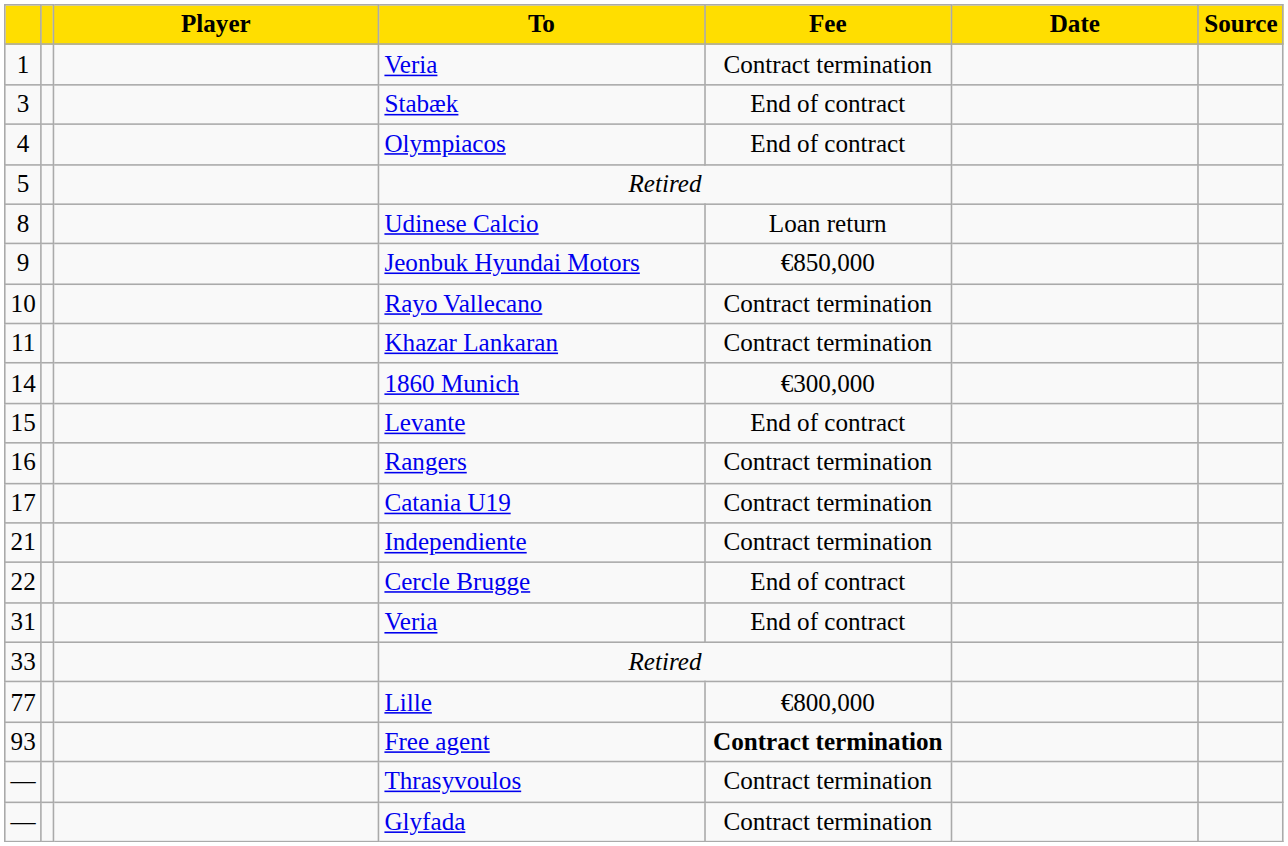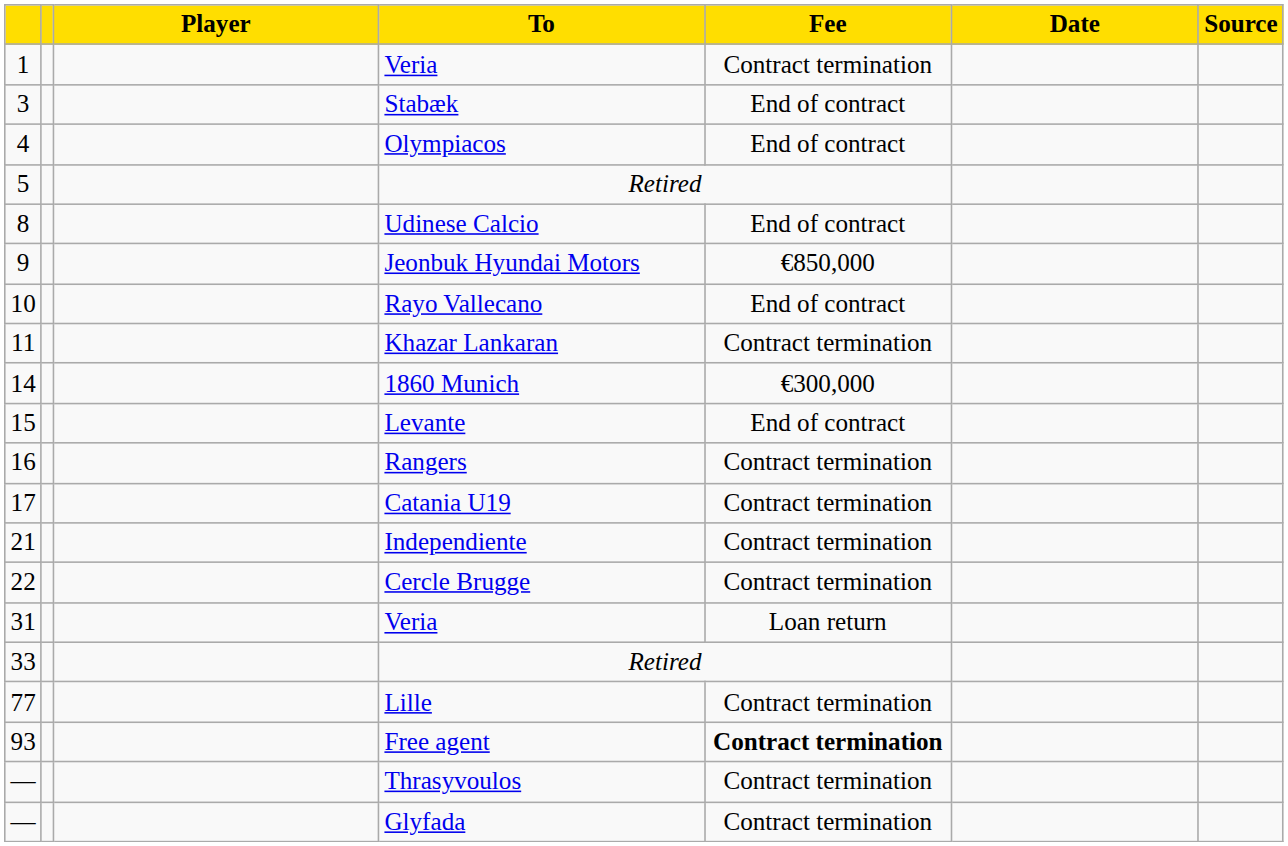 <table class="wikitable sortable">
 <tr>
 <th style="background:#FFDE00"></th>
 <th style="background:#FFDE00"></th>
 <th width=200 style="background:#FFDE00">Player</th>
 <th width=200 style="background:#FFDE00">To</th>
 <th width=150 style="background:#FFDE00">Fee</th>
 <th width=150 style="background:#FFDE00">Date</th>
 <th style="background:#FFDE00">Source</th>
 </tr>
 <tr>
 <td align=center>1</td>
 <td align=center></td>
 <td></td>
 <td> <a href='#'>Veria</a></td>
 <td align=center>Contract termination</td>
 <td align=center></td>
 <td align=center></td>
 </tr>
 <tr>
 <td align=center>3</td>
 <td align=center></td>
 <td></td>
 <td> <a href='#'>Stabæk</a></td>
 <td align=center>End of contract</td>
 <td align=center></td>
 <td align=center></td>
 </tr>
 <tr>
 <td align=center>4</td>
 <td align=center></td>
 <td></td>
 <td> <a href='#'>Olympiacos</a></td>
 <td align=center>End of contract</td>
 <td align=center></td>
 <td align=center></td>
 </tr>
 <tr>
 <td align=center>5</td>
 <td align=center></td>
 <td></td>
 <td align=center colspan=2><em>Retired</em></td>
 <td align=center></td>
 <td align=center></td>
 </tr>
 <tr>
 <td align=center>8</td>
 <td align=center></td>
 <td></td>
 <td> <a href='#'>Udinese Calcio</a></td>
-<td align=center>Loan return</td>
+<td align=center>End of contract</td>
 <td align=center></td>
 <td align=center></td>
 </tr>
 <tr>
 <td align=center>9</td>
 <td align=center></td>
 <td></td>
 <td> <a href='#'>Jeonbuk Hyundai Motors</a></td>
 <td align=center>€850,000</td>
 <td align=center></td>
 <td align=center></td>
 </tr>
 <tr>
 <td align=center>10</td>
 <td align=center></td>
 <td></td>
 <td> <a href='#'>Rayo Vallecano</a></td>
-<td align=center>Contract termination</td>
+<td align=center>End of contract</td>
 <td align=center></td>
 <td align=center></td>
 </tr>
 <tr>
 <td align=center>11</td>
 <td align=center></td>
 <td></td>
 <td> <a href='#'>Khazar Lankaran</a></td>
 <td align=center>Contract termination</td>
 <td align=center></td>
 <td align=center></td>
 </tr>
 <tr>
 <td align=center>14</td>
 <td align=center></td>
 <td></td>
 <td> <a href='#'>1860 Munich</a></td>
 <td align=center>€300,000</td>
 <td align=center></td>
 <td align=center></td>
 </tr>
 <tr>
 <td align=center>15</td>
 <td align=center></td>
 <td></td>
 <td> <a href='#'>Levante</a></td>
 <td align=center>End of contract</td>
 <td align=center></td>
 <td align=center></td>
 </tr>
 <tr>
 <td align=center>16</td>
 <td align=center></td>
 <td></td>
 <td> <a href='#'>Rangers</a></td>
 <td align=center>Contract termination</td>
 <td align=center></td>
 <td align=center></td>
 </tr>
 <tr>
 <td align=center>17</td>
 <td align=center></td>
 <td></td>
 <td> <a href='#'>Catania U19</a></td>
 <td align=center>Contract termination</td>
 <td align=center></td>
 <td align=center></td>
 </tr>
 <tr>
 <td align=center>21</td>
 <td align=center></td>
 <td></td>
 <td> <a href='#'>Independiente</a></td>
 <td align=center>Contract termination</td>
 <td align=center></td>
 <td align=center></td>
 </tr>
 <tr>
 <td align=center>22</td>
 <td align=center></td>
 <td></td>
 <td> <a href='#'>Cercle Brugge</a></td>
-<td align=center>End of contract</td>
+<td align=center>Contract termination</td>
 <td align=center></td>
 <td align=center></td>
 </tr>
 <tr>
 <td align=center>31</td>
 <td align=center></td>
 <td></td>
 <td> <a href='#'>Veria</a></td>
-<td align=center>End of contract</td>
+<td align=center>Loan return</td>
 <td align=center></td>
 <td align=center></td>
 </tr>
 <tr>
 <td align=center>33</td>
 <td align=center></td>
 <td></td>
 <td align=center colspan=2><em>Retired</em></td>
 <td align=center></td>
 <td align=center></td>
 </tr>
 <tr>
 <td align=center>77</td>
 <td align=center></td>
 <td></td>
 <td> <a href='#'>Lille</a></td>
-<td align=center>€800,000</td>
+<td align=center>Contract termination</td>
 <td align=center></td>
 <td align=center></td>
 </tr>
 <tr>
 <td align=center>93</td>
 <td align=center></td>
 <td></td>
 <td><a href='#'>Free agent</a></td>
 <td align=center><strong>Contract termination</strong></td>
 <td align=center></td>
 <td align=center></td>
 </tr>
 <tr>
 <td align=center>—</td>
 <td align=center></td>
 <td></td>
 <td> <a href='#'>Thrasyvoulos</a></td>
 <td align=center>Contract termination</td>
 <td align=center></td>
 <td align=center></td>
 </tr>
 <tr>
 <td align=center>—</td>
 <td align=center></td>
 <td></td>
 <td> <a href='#'>Glyfada</a></td>
 <td align=center>Contract termination</td>
 <td align=center></td>
 <td align=center></td>
 </tr>
 </table>
